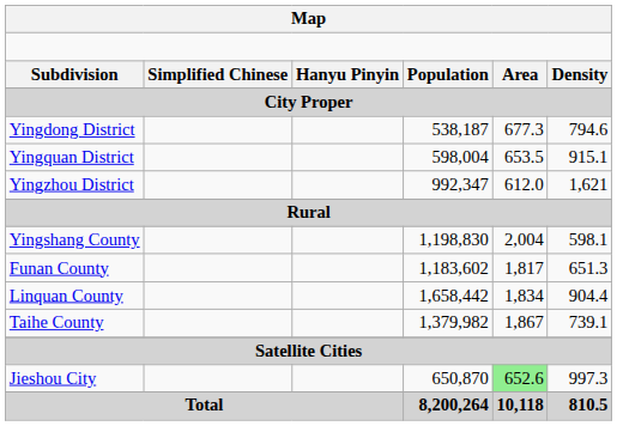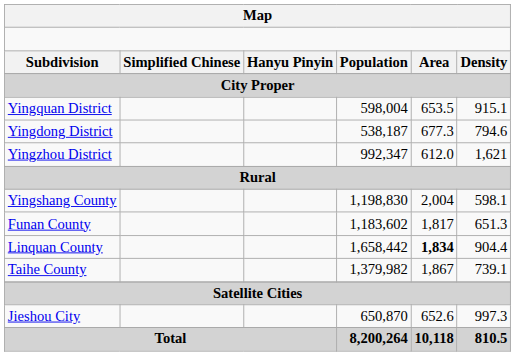 <table class="wikitable">
 <tr>
 <th colspan="6">Map</th>
 </tr>
 <tr>
 <td colspan="6"><div><br>           </div></td>
 </tr>
 <tr>
 <th align=left>Subdivision</th>
 <th align=left>Simplified Chinese</th>
 <th align=left>Hanyu Pinyin</th>
 <th align=left>Population </th>
 <th align=left>Area </th>
 <th align=left>Density </th>
 </tr>
 <tr>
 </tr>
 <tr style="background:#d3d3d3;">
 <td colspan="6"  style="text-align:center; "><strong>City Proper</strong></td>
 </tr>
 <tr>
+<td align=left><a href='#'>Yingquan District</a></td>
+<td align=left></td>
+<td align=left></td>
+<td align=right>598,004</td>
+<td align=right>653.5</td>
+<td align=right>915.1</td>
+</tr>
+<tr>
 <td align=left><a href='#'>Yingdong District</a></td>
 <td align=left></td>
 <td align=left></td>
 <td align=right>538,187</td>
 <td align=right>677.3</td>
 <td align=right>794.6</td>
-</tr>
-<tr>
-<td align=left><a href='#'>Yingquan District</a></td>
-<td align=left></td>
-<td align=left></td>
-<td align=right>598,004</td>
-<td align=right>653.5</td>
-<td align=right>915.1</td>
 </tr>
 <tr>
 <td align=left><a href='#'>Yingzhou District</a></td>
 <td align=left></td>
 <td align=left></td>
 <td align=right>992,347</td>
 <td align=right>612.0</td>
 <td align=right>1,621</td>
 </tr>
 <tr>
 </tr>
 <tr style="background:#d3d3d3;">
 <td colspan="6"  style="text-align:center; "><strong>Rural</strong></td>
 </tr>
 <tr>
 <td align=left><a href='#'>Yingshang County</a></td>
 <td align=left></td>
 <td align=left></td>
 <td align=right>1,198,830</td>
 <td align=right>2,004</td>
 <td align=right>598.1</td>
 </tr>
 <tr>
 <td align=left><a href='#'>Funan County</a></td>
 <td align=left></td>
 <td align=left></td>
 <td align=right>1,183,602</td>
 <td align=right>1,817</td>
 <td align=right>651.3</td>
 </tr>
 <tr>
 <td align=left><a href='#'>Linquan County</a></td>
 <td align=left></td>
 <td align=left></td>
 <td align=right>1,658,442</td>
-<td align=right>1,834</td>
+<td align=right><strong>1,834</strong></td>
 <td align=right>904.4</td>
 </tr>
 <tr>
 <td align=left><a href='#'>Taihe County</a></td>
 <td align=left></td>
 <td align=left></td>
 <td align=right>1,379,982</td>
 <td align=right>1,867</td>
 <td align=right>739.1</td>
 </tr>
 <tr>
 </tr>
 <tr style="background:#d3d3d3;">
 <td colspan="6"  style="text-align:center; "><strong>Satellite Cities</strong></td>
 </tr>
 <tr>
 <td align=left><a href='#'>Jieshou City</a></td>
 <td align=left></td>
 <td align=left></td>
 <td align=right>650,870</td>
-<td align=right style="background: lightgreen;">652.6</td>
+<td align=right>652.6</td>
 <td align=right>997.3</td>
 </tr>
 <tr>
 </tr>
 <tr style="background:#d3d3d3;">
 <td colspan="3" style="text-align:center; "><strong>Total</strong></td>
 <td align=right><strong>8,200,264</strong></td>
 <td align=right><strong>10,118</strong></td>
 <td align=right><strong>810.5</strong></td>
 </tr>
 </table>
